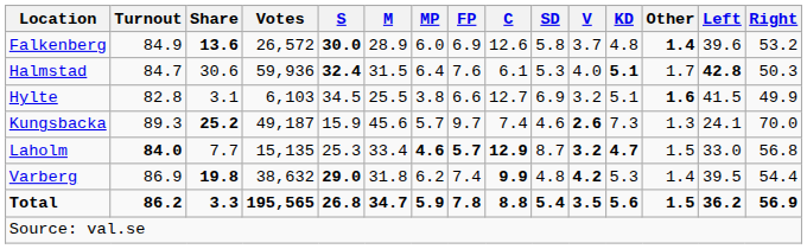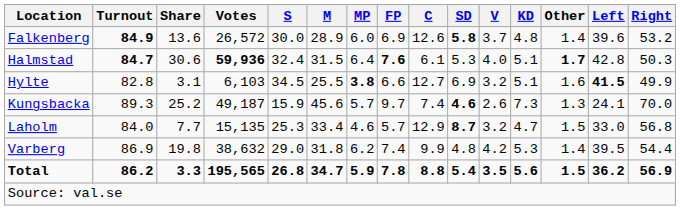 <table class="wikitable sortable" style=text-align:right>
 <tr>
 <th>Location</th>
 <th>Turnout</th>
 <th>Share</th>
 <th>Votes</th>
 <th><a href='#'>S</a></th>
 <th><a href='#'>M</a></th>
 <th><a href='#'>MP</a></th>
 <th><a href='#'>FP</a></th>
 <th><a href='#'>C</a></th>
 <th><a href='#'>SD</a></th>
 <th><a href='#'>V</a></th>
 <th><a href='#'>KD</a></th>
 <th>Other</th>
 <th><a href='#'>Left</a></th>
 <th><a href='#'>Right</a></th>
 </tr>
 <tr>
 <td align=left><a href='#'>Falkenberg</a></td>
-<td>84.9</td>
-<td><strong>13.6</strong></td>
+<td><strong>84.9</strong></td>
+<td>13.6</td>
 <td>26,572</td>
-<td><strong>30.0</strong></td>
+<td>30.0</td>
 <td>28.9</td>
 <td>6.0</td>
 <td>6.9</td>
 <td>12.6</td>
-<td>5.8</td>
+<td><strong>5.8</strong></td>
 <td>3.7</td>
 <td>4.8</td>
-<td><strong>1.4</strong></td>
+<td>1.4</td>
 <td>39.6</td>
 <td>53.2</td>
 </tr>
 <tr>
 <td align=left><a href='#'>Halmstad</a></td>
-<td>84.7</td>
+<td><strong>84.7</strong></td>
 <td>30.6</td>
-<td>59,936</td>
-<td><strong>32.4</strong></td>
+<td><strong>59,936</strong></td>
+<td>32.4</td>
 <td>31.5</td>
 <td>6.4</td>
-<td>7.6</td>
+<td><strong>7.6</strong></td>
 <td>6.1</td>
 <td>5.3</td>
 <td>4.0</td>
-<td><strong>5.1</strong></td>
-<td>1.7</td>
-<td><strong>42.8</strong></td>
+<td>5.1</td>
+<td><strong>1.7</strong></td>
+<td>42.8</td>
 <td>50.3</td>
 </tr>
 <tr>
 <td align=left><a href='#'>Hylte</a></td>
 <td>82.8</td>
 <td>3.1</td>
 <td>6,103</td>
 <td>34.5</td>
 <td>25.5</td>
-<td>3.8</td>
+<td><strong>3.8</strong></td>
 <td>6.6</td>
 <td>12.7</td>
 <td>6.9</td>
 <td>3.2</td>
 <td>5.1</td>
-<td><strong>1.6</strong></td>
-<td>41.5</td>
+<td>1.6</td>
+<td><strong>41.5</strong></td>
 <td>49.9</td>
 </tr>
 <tr>
 <td align=left><a href='#'>Kungsbacka</a></td>
 <td>89.3</td>
-<td><strong>25.2</strong></td>
+<td>25.2</td>
 <td>49,187</td>
 <td>15.9</td>
 <td>45.6</td>
 <td>5.7</td>
 <td>9.7</td>
 <td>7.4</td>
-<td>4.6</td>
-<td><strong>2.6</strong></td>
+<td><strong>4.6</strong></td>
+<td>2.6</td>
 <td>7.3</td>
 <td>1.3</td>
 <td>24.1</td>
 <td>70.0</td>
 </tr>
 <tr>
 <td align=left><a href='#'>Laholm</a></td>
-<td><strong>84.0</strong></td>
+<td>84.0</td>
 <td>7.7</td>
 <td>15,135</td>
 <td>25.3</td>
 <td>33.4</td>
-<td><strong>4.6</strong></td>
-<td><strong>5.7</strong></td>
-<td><strong>12.9</strong></td>
-<td>8.7</td>
-<td><strong>3.2</strong></td>
-<td><strong>4.7</strong></td>
+<td>4.6</td>
+<td>5.7</td>
+<td>12.9</td>
+<td><strong>8.7</strong></td>
+<td>3.2</td>
+<td>4.7</td>
 <td>1.5</td>
 <td>33.0</td>
 <td>56.8</td>
 </tr>
 <tr>
 <td align=left><a href='#'>Varberg</a></td>
 <td>86.9</td>
-<td><strong>19.8</strong></td>
+<td>19.8</td>
 <td>38,632</td>
-<td><strong>29.0</strong></td>
+<td>29.0</td>
 <td>31.8</td>
 <td>6.2</td>
 <td>7.4</td>
-<td><strong>9.9</strong></td>
+<td>9.9</td>
 <td>4.8</td>
-<td><strong>4.2</strong></td>
+<td>4.2</td>
 <td>5.3</td>
 <td>1.4</td>
 <td>39.5</td>
 <td>54.4</td>
 </tr>
 <tr>
 <td align=left><strong>Total</strong></td>
 <td><strong>86.2</strong></td>
 <td><strong>3.3</strong></td>
 <td><strong>195,565</strong></td>
 <td><strong>26.8</strong></td>
 <td><strong>34.7</strong></td>
 <td><strong>5.9</strong></td>
 <td><strong>7.8</strong></td>
 <td><strong>8.8</strong></td>
 <td><strong>5.4</strong></td>
 <td><strong>3.5</strong></td>
 <td><strong>5.6</strong></td>
 <td><strong>1.5</strong></td>
 <td><strong>36.2</strong></td>
 <td><strong>56.9</strong></td>
 </tr>
 <tr>
 <td align=left colspan=15>Source: val.se </td>
 </tr>
 </table>
